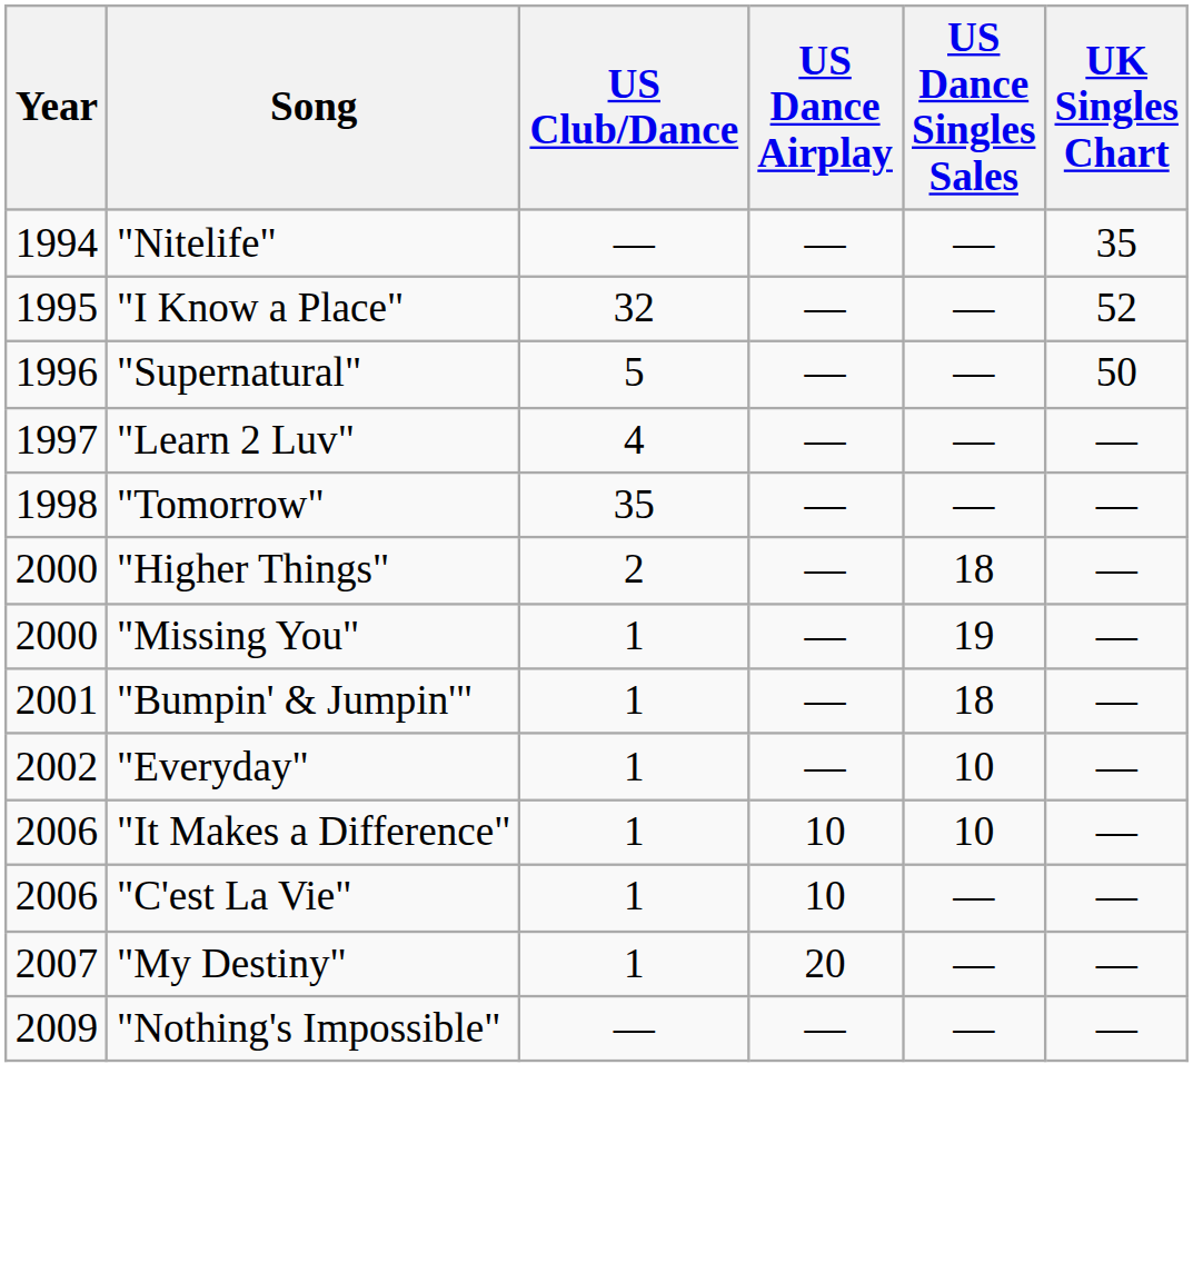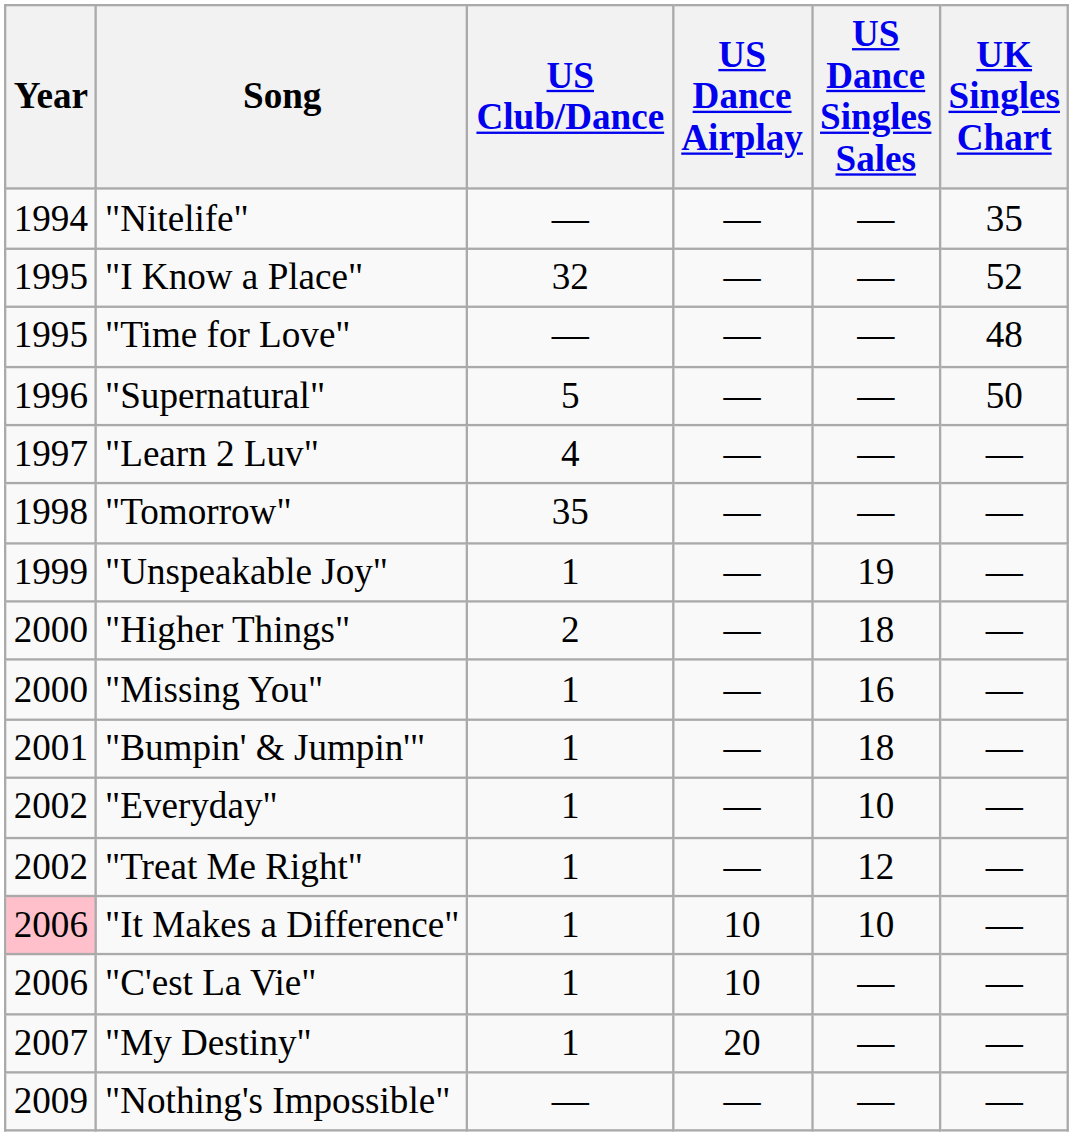 <table class="wikitable">
 <tr>
 <th align="center">Year</th>
 <th align="left">Song</th>
 <th align="center" width="45"><a href='#'>US Club/Dance</a></th>
 <th align="center" width="45"><a href='#'>US Dance Airplay</a></th>
 <th align="center" width="45"><a href='#'>US Dance Singles Sales</a></th>
 <th align="center" width="45"><a href='#'>UK Singles Chart</a></th>
 </tr>
 <tr>
 <td align="center">1994</td>
 <td align="left">"Nitelife"</td>
 <td align="center">—</td>
 <td align="center">—</td>
 <td align="center">—</td>
 <td align="center">35</td>
 </tr>
 <tr>
 <td align="center">1995</td>
 <td align="left">"I Know a Place"</td>
 <td align="center">32</td>
 <td align="center">—</td>
 <td align="center">—</td>
 <td align="center">52</td>
 </tr>
 <tr>
+<td align="center">1995</td>
+<td align="left">"Time for Love"</td>
+<td align="center">—</td>
+<td align="center">—</td>
+<td align="center">—</td>
+<td align="center">48</td>
+</tr>
+<tr>
 <td align="center">1996</td>
 <td align="left">"Supernatural"</td>
 <td align="center">5</td>
 <td align="center">—</td>
 <td align="center">—</td>
 <td align="center">50</td>
 </tr>
 <tr>
 <td align="center">1997</td>
 <td align="left">"Learn 2 Luv"</td>
 <td align="center">4</td>
 <td align="center">—</td>
 <td align="center">—</td>
 <td align="center">—</td>
 </tr>
 <tr>
 <td align="center">1998</td>
 <td align="left">"Tomorrow"</td>
 <td align="center">35</td>
 <td align="center">—</td>
 <td align="center">—</td>
 <td align="center">—</td>
 </tr>
 <tr>
+<td align="center">1999</td>
+<td align="left">"Unspeakable Joy"</td>
+<td align="center">1</td>
+<td align="center">—</td>
+<td align="center">19</td>
+<td align="center">—</td>
+</tr>
+<tr>
 <td align="center">2000</td>
 <td align="left">"Higher Things"</td>
 <td align="center">2</td>
 <td align="center">—</td>
 <td align="center">18</td>
 <td align="center">—</td>
 </tr>
 <tr>
 <td align="center">2000</td>
 <td align="left">"Missing You"</td>
 <td align="center">1</td>
 <td align="center">—</td>
-<td align="center">19</td>
+<td align="center">16</td>
 <td align="center">—</td>
 </tr>
 <tr>
 <td align="center">2001</td>
 <td align="left">"Bumpin' & Jumpin'"</td>
 <td align="center">1</td>
 <td align="center">—</td>
 <td align="center">18</td>
 <td align="center">—</td>
 </tr>
 <tr>
 <td align="center">2002</td>
 <td align="left">"Everyday"</td>
 <td align="center">1</td>
 <td align="center">—</td>
 <td align="center">10</td>
 <td align="center">—</td>
 </tr>
 <tr>
-<td align="center">2006</td>
+<td align="center">2002</td>
+<td align="left">"Treat Me Right"</td>
+<td align="center">1</td>
+<td align="center">—</td>
+<td align="center">12</td>
+<td align="center">—</td>
+</tr>
+<tr>
+<td align="center" style="background: pink;">2006</td>
 <td align="left">"It Makes a Difference"</td>
 <td align="center">1</td>
 <td align="center">10</td>
 <td align="center">10</td>
 <td align="center">—</td>
 </tr>
 <tr>
 <td align="center">2006</td>
 <td align="left">"C'est La Vie"</td>
 <td align="center">1</td>
 <td align="center">10</td>
 <td align="center">—</td>
 <td align="center">—</td>
 </tr>
 <tr>
 <td align="center">2007</td>
 <td align="left">"My Destiny"</td>
 <td align="center">1</td>
 <td align="center">20</td>
 <td align="center">—</td>
 <td align="center">—</td>
 </tr>
 <tr>
 <td align="center">2009</td>
 <td align="left">"Nothing's Impossible"</td>
 <td align="center">—</td>
 <td align="center">—</td>
 <td align="center">—</td>
 <td align="center">—</td>
 </tr>
 </table>
